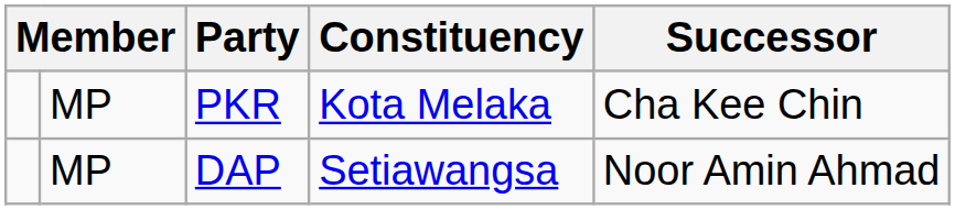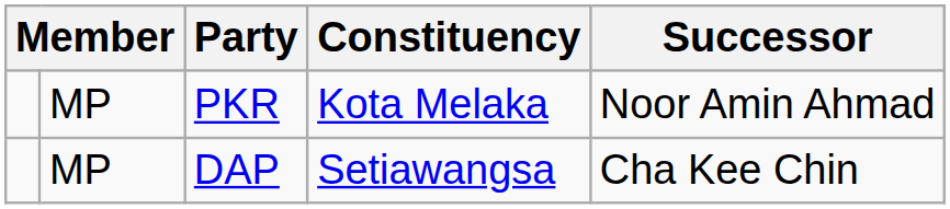 <table class="sortable wikitable">
 <tr>
 <th colspan="2" valign="top">Member</th>
 <th valign="top">Party</th>
 <th valign="top">Constituency</th>
 <th class="unsortable" valign="top">Successor</th>
 </tr>
 <tr>
 <td></td>
 <td> MP</td>
 <td><a href='#'>PKR</a></td>
 <td><a href='#'>Kota Melaka</a></td>
-<td>Cha Kee Chin</td>
+<td>Noor Amin Ahmad</td>
 </tr>
 <tr>
 <td></td>
 <td> MP</td>
 <td><a href='#'>DAP</a></td>
 <td><a href='#'>Setiawangsa</a></td>
-<td>Noor Amin Ahmad</td>
+<td>Cha Kee Chin</td>
 </tr>
 </table>
